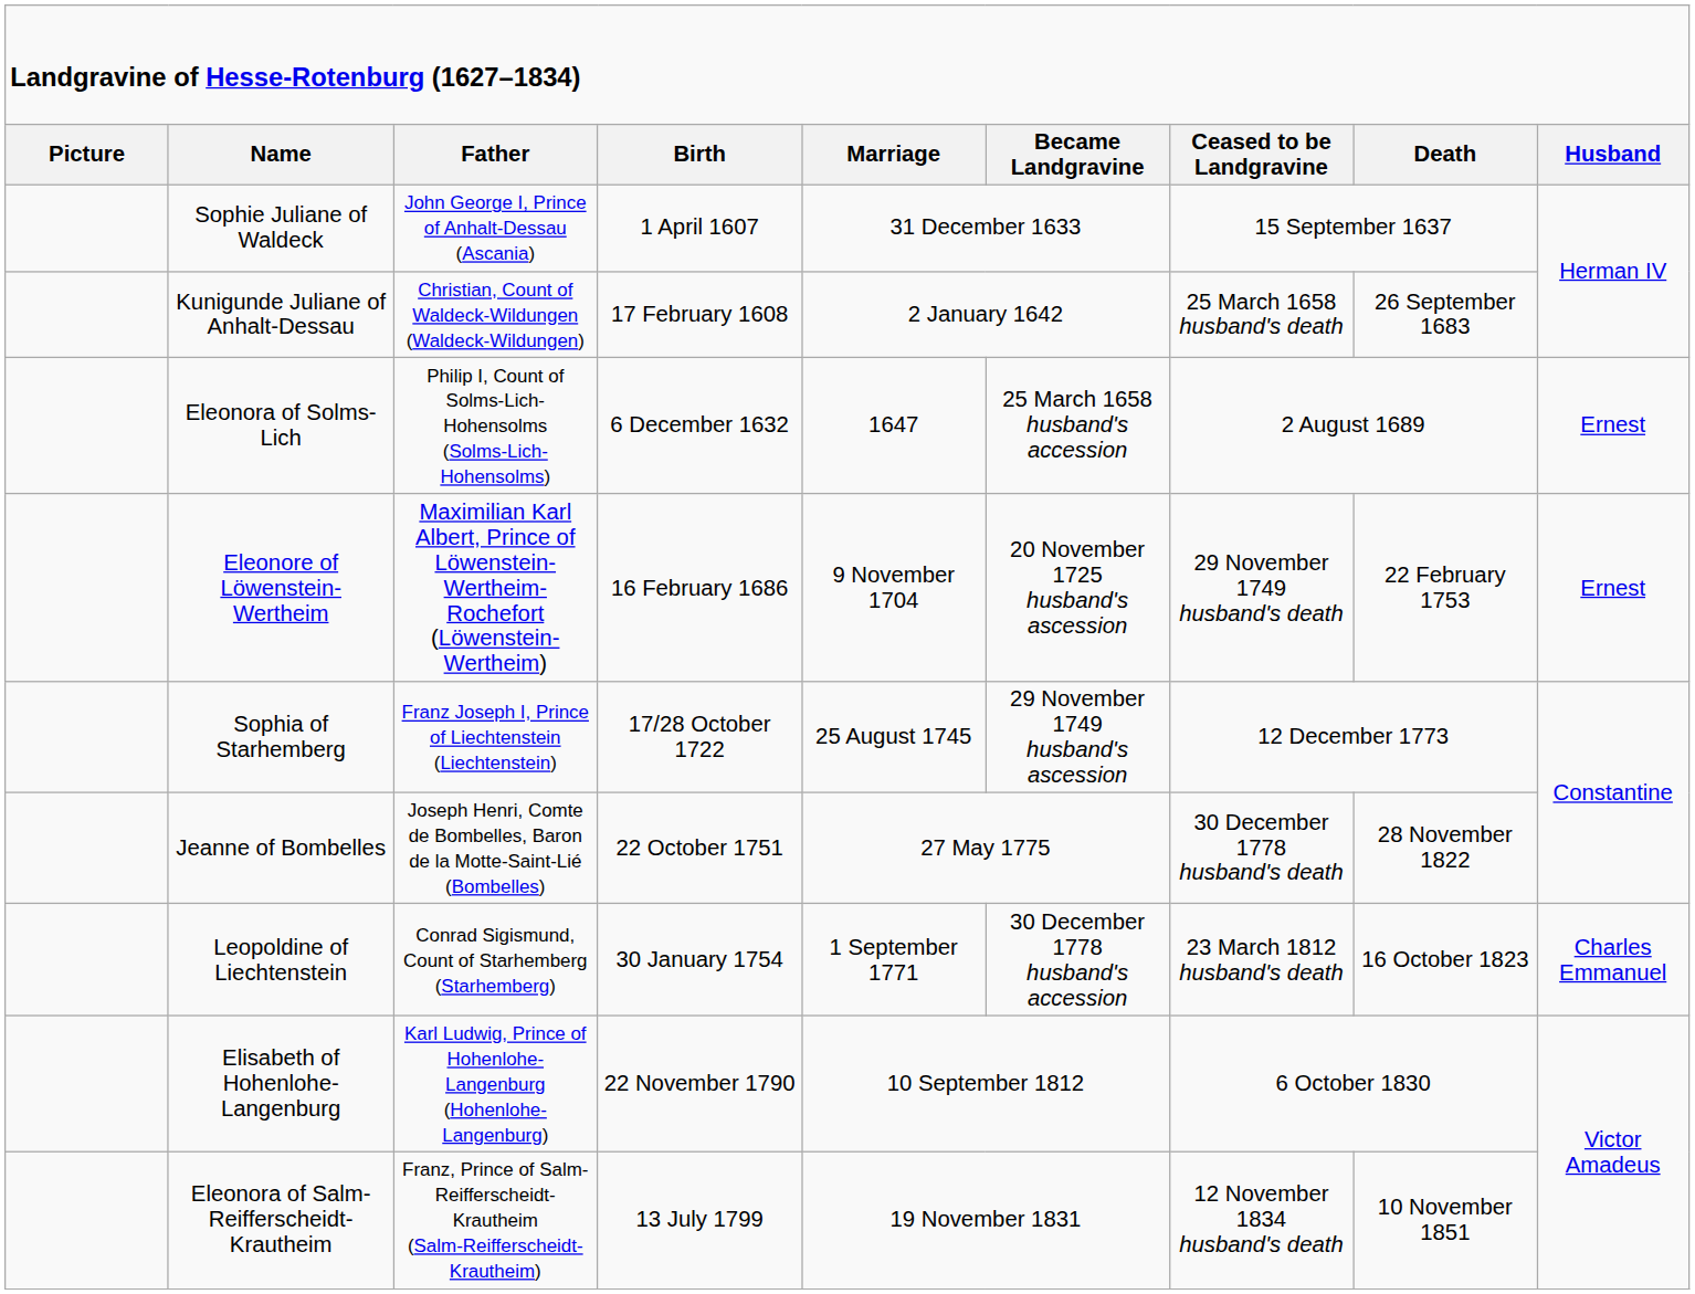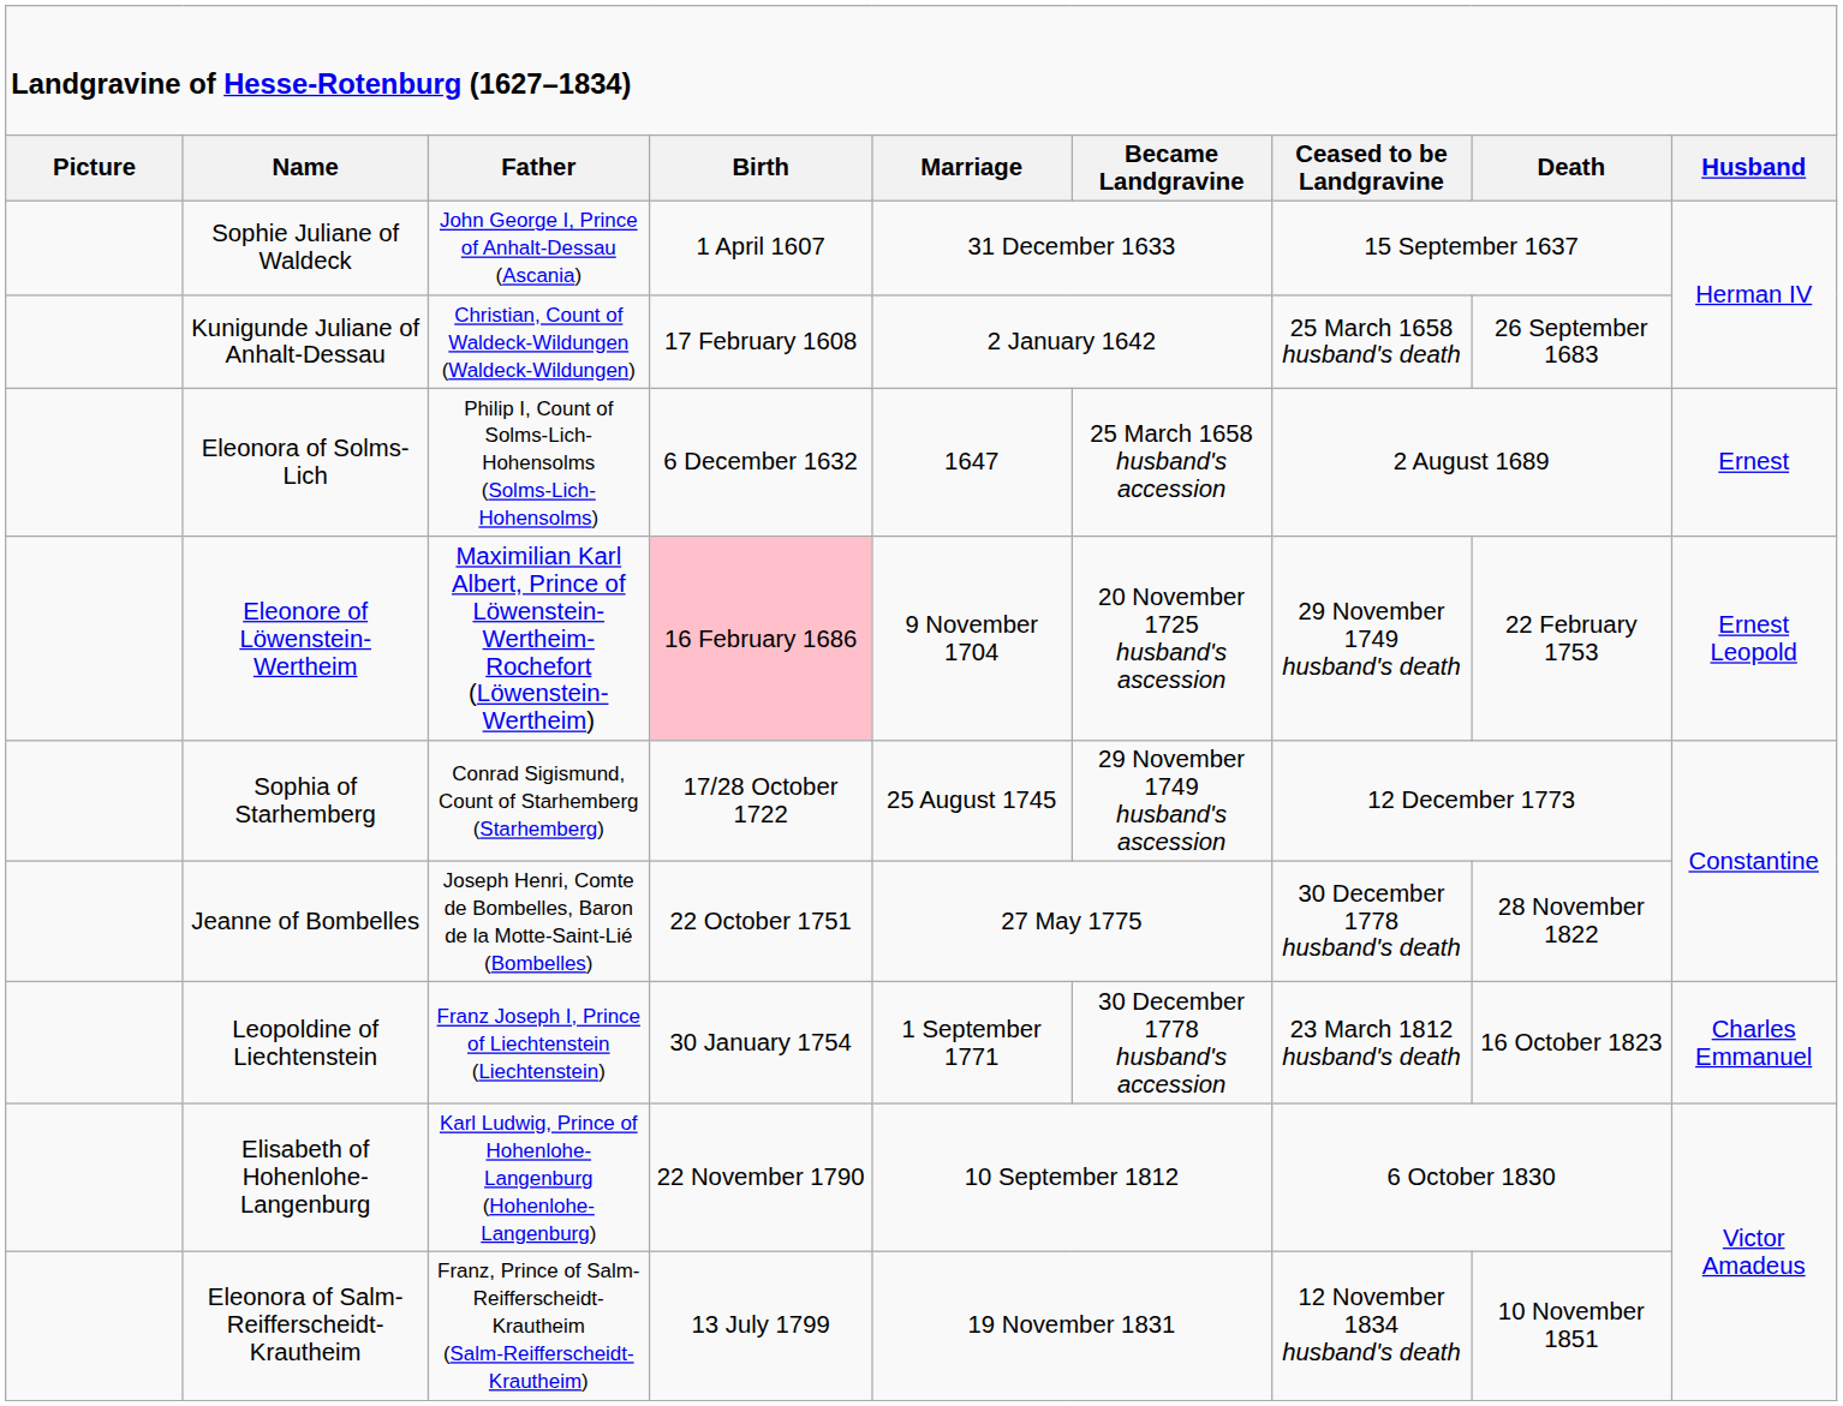 <table width=95% class="wikitable">
 <tr>
 <td colspan="9"><br><h3>Landgravine of <a href='#'>Hesse-Rotenburg</a> (1627–1834)</h3></td>
 </tr>
 <tr>
 <th width = "8%">Picture</th>
 <th width = "11%">Name</th>
 <th width = "10%">Father</th>
 <th width = "10%">Birth</th>
 <th width = "9%">Marriage</th>
 <th width = "9%">Became Landgravine</th>
 <th width = "9%">Ceased to be Landgravine</th>
 <th width = "9%">Death</th>
 <th width = "6%"><a href='#'>Husband</a></th>
 </tr>
 <tr>
 <td align="center"></td>
 <td align="center">Sophie Juliane of Waldeck</td>
 <td align="center"><small><a href='#'>John George I, Prince of Anhalt-Dessau</a><br>(<a href='#'>Ascania</a>)</small></td>
 <td align="center">1 April 1607</td>
 <td align="center" colspan="2">31 December 1633</td>
 <td align="center" colspan="2">15 September 1637</td>
 <td align="center" rowspan="2"><a href='#'>Herman IV</a></td>
 </tr>
 <tr>
 <td align="center"></td>
 <td align="center">Kunigunde Juliane of Anhalt-Dessau</td>
 <td align="center"><small><a href='#'>Christian, Count of Waldeck-Wildungen</a><br>(<a href='#'>Waldeck-Wildungen</a>)</small></td>
 <td align="center">17 February 1608</td>
 <td align="center" colspan="2">2 January 1642</td>
 <td align="center">25 March 1658<br><em>husband's death</em></td>
 <td align="center">26 September 1683</td>
 </tr>
 <tr>
 <td align="center"></td>
 <td align="center">Eleonora of Solms-Lich</td>
 <td align="center"><small>Philip I, Count of Solms-Lich-Hohensolms<br>(<a href='#'>Solms-Lich-Hohensolms</a>)</small></td>
 <td align="center">6 December 1632</td>
 <td align="center">1647</td>
 <td align="center">25 March 1658<br><em>husband's accession</em></td>
 <td align="center" colspan="2">2 August 1689</td>
 <td align="center"><a href='#'>Ernest</a></td>
 </tr>
 <tr>
 <td align="center"></td>
 <td align="center"><a href='#'>Eleonore of Löwenstein-Wertheim</a></td>
 <td align="center"><a href='#'>Maximilian Karl Albert, Prince of Löwenstein-Wertheim-Rochefort</a><br>(<a href='#'>Löwenstein-Wertheim</a>)</td>
-<td align="center">16 February 1686</td>
+<td align="center" style="background: pink;">16 February 1686</td>
 <td align="center">9 November 1704</td>
 <td align="center">20 November 1725<br><em>husband's ascession</em></td>
 <td align="center">29 November 1749<br><em>husband's death</em></td>
 <td align="center">22 February 1753</td>
-<td align="center"><a href='#'>Ernest</a></td>
+<td align="center"><a href='#'>Ernest Leopold</a></td>
 </tr>
 <tr>
 <td align="center"></td>
 <td align="center">Sophia of Starhemberg</td>
-<td align="center"><small><a href='#'>Franz Joseph I, Prince of Liechtenstein</a><br>(<a href='#'>Liechtenstein</a>)</small></td>
+<td align="center"><small>Conrad Sigismund, Count of Starhemberg<br>(<a href='#'>Starhemberg</a>)</small></td>
 <td align="center">17/28 October 1722</td>
 <td align="center">25 August 1745</td>
 <td align="center">29 November 1749<br><em>husband's ascession</em></td>
 <td align="center" colspan="2">12 December 1773</td>
 <td align="center" rowspan="2"><a href='#'>Constantine</a></td>
 </tr>
 <tr>
 <td align="center"></td>
 <td align="center">Jeanne of Bombelles</td>
 <td align="center"><small>Joseph Henri, Comte de Bombelles, Baron de la Motte-Saint-Lié<br>(<a href='#'>Bombelles</a>)</small></td>
 <td align="center">22 October 1751</td>
 <td align="center" colspan="2">27 May 1775</td>
 <td align="center">30 December 1778<br><em>husband's death</em></td>
 <td align="center">28 November 1822</td>
 </tr>
 <tr>
 <td align="center"></td>
 <td align="center">Leopoldine of Liechtenstein</td>
-<td align="center"><small>Conrad Sigismund, Count of Starhemberg<br>(<a href='#'>Starhemberg</a>)</small></td>
+<td align="center"><small><a href='#'>Franz Joseph I, Prince of Liechtenstein</a><br>(<a href='#'>Liechtenstein</a>)</small></td>
 <td align="center">30 January 1754</td>
 <td align="center">1 September 1771</td>
 <td align="center">30 December 1778<br><em>husband's accession</em></td>
 <td align="center">23 March 1812<br><em>husband's death</em></td>
 <td align="center">16 October 1823</td>
 <td align="center"><a href='#'>Charles Emmanuel</a></td>
 </tr>
 <tr>
 <td align="center"></td>
 <td align="center">Elisabeth of Hohenlohe-Langenburg</td>
 <td align="center"><small><a href='#'>Karl Ludwig, Prince of Hohenlohe-Langenburg</a><br>(<a href='#'>Hohenlohe-Langenburg</a>)</small></td>
 <td align="center">22 November 1790</td>
 <td align="center" colspan="2">10 September 1812</td>
 <td align="center" colspan="2">6 October 1830</td>
 <td align="center" rowspan="2"><a href='#'>Victor Amadeus</a></td>
 </tr>
 <tr>
 <td align="center"></td>
 <td align="center">Eleonora of Salm-Reifferscheidt-Krautheim</td>
 <td align="center"><small>Franz, Prince of Salm-Reifferscheidt-Krautheim<br>(<a href='#'>Salm-Reifferscheidt-Krautheim</a>)</small></td>
 <td align="center">13 July 1799</td>
 <td align="center" colspan="2">19 November 1831</td>
 <td align="center">12 November 1834<br><em>husband's death</em></td>
 <td align="center">10 November 1851</td>
 </tr>
 <tr>
 </tr>
 </table>
